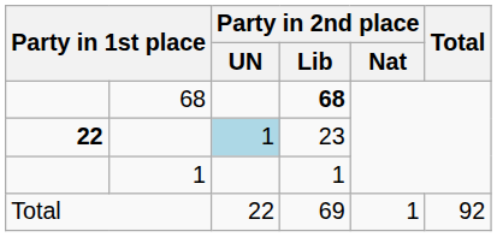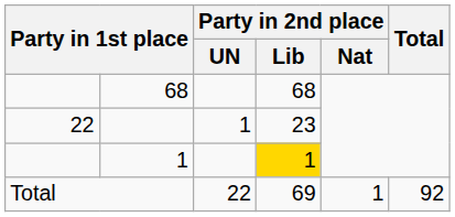 <table class="wikitable" style="text-align:right;">
 <tr>
 <th rowspan="2" colspan="2" style="text-align:left;">Party in 1st place</th>
 <th colspan="3">Party in 2nd place</th>
 <th rowspan="2">Total</th>
 </tr>
 <tr>
 <th>UN</th>
 <th>Lib</th>
 <th>Nat</th>
 </tr>
 <tr>
 <td></td>
 <td>68</td>
 <td></td>
-<td><strong>68</strong></td>
+<td>68</td>
 </tr>
 <tr>
-<td><strong>22</strong></td>
+<td>22</td>
 <td></td>
-<td style="background: lightblue;">1</td>
+<td>1</td>
 <td>23</td>
 </tr>
 <tr>
 <td></td>
 <td>1</td>
 <td></td>
-<td>1</td>
+<td style="background: gold;">1</td>
 </tr>
 <tr>
 <td colspan="2" style="text-align:left;">Total</td>
 <td>22</td>
 <td>69</td>
 <td>1</td>
 <td>92</td>
 </tr>
 </table>
